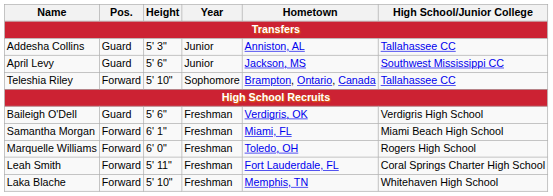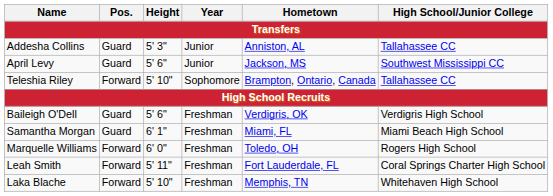 <table class="wikitable sortable" border="1">
 <tr>
 <th>Name</th>
 <th>Pos.</th>
 <th>Height</th>
 <th>Year</th>
 <th>Hometown</th>
 <th class="unsortable">High School/Junior College</th>
 </tr>
 <tr>
 <td align="center" Colspan="7" style="background:#CC2233; color:white; text-shadow:1px 1px 2px #DE7008"><span><strong>Transfers</strong></span></td>
 </tr>
 <tr>
 <td sortname>Addesha Collins</td>
 <td>Guard</td>
 <td>5' 3"</td>
 <td>Junior</td>
 <td><a href='#'>Anniston, AL</a></td>
 <td><a href='#'>Tallahassee CC</a></td>
 </tr>
 <tr>
 <td sortname>April Levy</td>
 <td>Guard</td>
 <td>5' 6"</td>
 <td>Junior</td>
 <td><a href='#'>Jackson, MS</a></td>
 <td><a href='#'>Southwest Mississippi CC</a></td>
 </tr>
 <tr>
 <td sortname>Teleshia Riley</td>
 <td>Forward</td>
 <td>5' 10"</td>
 <td>Sophomore</td>
 <td><a href='#'>Brampton</a>, <a href='#'>Ontario</a>, <a href='#'>Canada</a></td>
 <td><a href='#'>Tallahassee CC</a></td>
 </tr>
 <tr>
 <td align="center" Colspan="7" style="background:#CC2233; color:white; text-shadow:1px 1px 2px #DE7008"><span><strong>High School Recruits</strong></span></td>
 </tr>
 <tr>
 <td sortname>Baileigh O'Dell</td>
 <td>Guard</td>
 <td>5' 6"</td>
 <td>Freshman</td>
 <td><a href='#'>Verdigris, OK</a></td>
 <td>Verdigris High School</td>
 </tr>
 <tr>
 <td sortname>Samantha Morgan</td>
-<td>Forward</td>
+<td>Guard</td>
 <td>6' 1"</td>
 <td>Freshman</td>
 <td><a href='#'>Miami, FL</a></td>
 <td>Miami Beach High School</td>
 </tr>
 <tr>
 <td sortname>Marquelle Williams</td>
 <td>Forward</td>
 <td>6' 0"</td>
 <td>Freshman</td>
 <td><a href='#'>Toledo, OH</a></td>
 <td>Rogers High School</td>
 </tr>
 <tr>
 <td sortname>Leah Smith</td>
 <td>Forward</td>
 <td>5' 11"</td>
 <td>Freshman</td>
 <td><a href='#'>Fort Lauderdale, FL</a></td>
 <td>Coral Springs Charter High School</td>
 </tr>
 <tr>
 <td sortname>Laka Blache</td>
 <td>Forward</td>
 <td>5' 10"</td>
 <td>Freshman</td>
 <td><a href='#'>Memphis, TN</a></td>
 <td>Whitehaven High School</td>
 </tr>
 </table>
